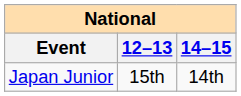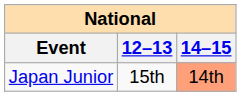 <table class="wikitable" style="text-align:center">
 <tr>
 <th colspan="3" style="background-color: #ffdead; " align="center">National</th>
 </tr>
 <tr>
 <th>Event</th>
 <th><a href='#'>12–13</a></th>
 <th><a href='#'>14–15</a></th>
 </tr>
 <tr>
 <td align="left"><a href='#'>Japan Junior</a></td>
 <td>15th</td>
-<td>14th</td>
+<td style="background: lightsalmon;">14th</td>
 </tr>
 </table>
